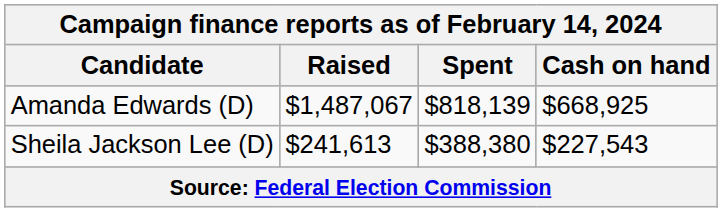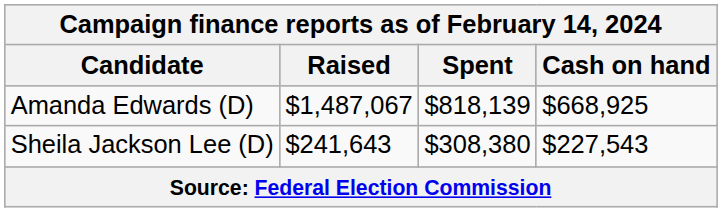 <table class="wikitable sortable">
 <tr>
 <th colspan=4>Campaign finance reports as of February 14, 2024</th>
 </tr>
 <tr style="text-align:center;">
 <th>Candidate</th>
 <th>Raised</th>
 <th>Spent</th>
 <th>Cash on hand</th>
 </tr>
 <tr>
 <td style="color:black;background-color:">Amanda Edwards (D)</td>
 <td>$1,487,067</td>
 <td>$818,139</td>
 <td>$668,925</td>
 </tr>
 <tr>
 <td style="color:black;background-color:">Sheila Jackson Lee (D)</td>
-<td>$241,613</td>
-<td>$388,380</td>
+<td>$241,643</td>
+<td>$308,380</td>
 <td>$227,543</td>
 </tr>
 <tr>
 <th colspan="4"><small>Source: <a href='#'>Federal Election Commission</a></small></th>
 </tr>
 </table>
